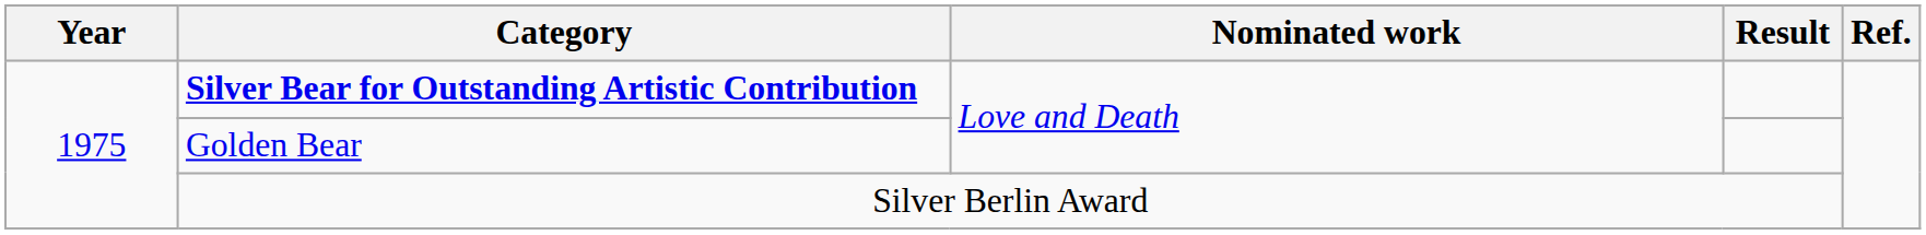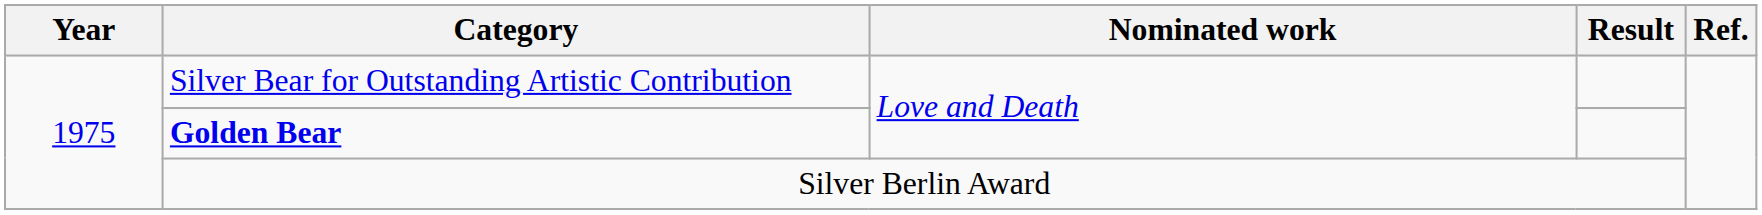 <table class="wikitable unsortable plainrowheaders" Style=font-size:98%>
 <tr>
 <th scope="col" style="width:9%;">Year</th>
 <th scope="col" style="width:20em;">Category</th>
 <th scope="col" style="width:20em;">Nominated work</th>
 <th scope="col" style="width:2em;">Result</th>
 <th scope="col" style="width:4%;" class="unsortable">Ref.</th>
 </tr>
 <tr>
 <td style="text-align:center;", rowspan="3"><a href='#'>1975</a></td>
-<td><strong><a href='#'>Silver Bear for Outstanding Artistic Contribution</a></strong></td>
+<td><a href='#'>Silver Bear for Outstanding Artistic Contribution</a></td>
 <td rowspan="2"><em><a href='#'>Love and Death</a></em></td>
 <td></td>
 <td rowspan=3></td>
 </tr>
 <tr>
-<td><a href='#'>Golden Bear</a></td>
+<td><strong><a href='#'>Golden Bear</a></strong></td>
 <td></td>
 </tr>
 <tr>
 <td colspan="3" align="center">Silver Berlin Award</td>
 </tr>
 </table>
